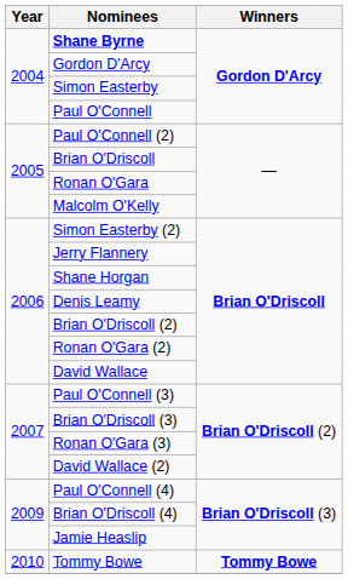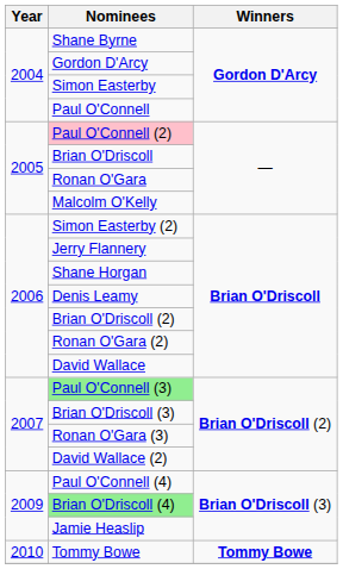 <table class="wikitable">
 <tr>
 <th width=40>Year</th>
 <th width=150>Nominees</th>
 <th width=150>Winners</th>
 </tr>
 <tr>
 <td align=center rowspan=4><a href='#'>2004</a></td>
-<td><strong><a href='#'>Shane Byrne</a></strong></td>
+<td><a href='#'>Shane Byrne</a></td>
 <td align=center rowspan=4><strong><a href='#'>Gordon D'Arcy</a></strong></td>
 </tr>
 <tr>
 <td><a href='#'>Gordon D'Arcy</a></td>
 </tr>
 <tr>
 <td><a href='#'>Simon Easterby</a></td>
 </tr>
 <tr>
 <td><a href='#'>Paul O'Connell</a></td>
 </tr>
 <tr>
 <td align=center rowspan=4><a href='#'>2005</a></td>
-<td><a href='#'>Paul O'Connell</a> (2)</td>
+<td style="background: pink;"><a href='#'>Paul O'Connell</a> (2)</td>
 <td align=center rowspan=4>—</td>
 </tr>
 <tr>
 <td><a href='#'>Brian O'Driscoll</a></td>
 </tr>
 <tr>
 <td><a href='#'>Ronan O'Gara</a></td>
 </tr>
 <tr>
 <td><a href='#'>Malcolm O'Kelly</a></td>
 </tr>
 <tr>
 <td align=center rowspan=7><a href='#'>2006</a></td>
 <td><a href='#'>Simon Easterby</a> (2)</td>
 <td align=center rowspan=7><strong><a href='#'>Brian O'Driscoll</a></strong></td>
 </tr>
 <tr>
 <td><a href='#'>Jerry Flannery</a></td>
 </tr>
 <tr>
 <td><a href='#'>Shane Horgan</a></td>
 </tr>
 <tr>
 <td><a href='#'>Denis Leamy</a></td>
 </tr>
 <tr>
 <td><a href='#'>Brian O'Driscoll</a> (2)</td>
 </tr>
 <tr>
 <td><a href='#'>Ronan O'Gara</a> (2)</td>
 </tr>
 <tr>
 <td><a href='#'>David Wallace</a></td>
 </tr>
 <tr>
 <td align=center rowspan=4><a href='#'>2007</a></td>
-<td><a href='#'>Paul O'Connell</a> (3)</td>
+<td style="background: lightgreen;"><a href='#'>Paul O'Connell</a> (3)</td>
 <td align=center rowspan=4><strong><a href='#'>Brian O'Driscoll</a></strong> (2)</td>
 </tr>
 <tr>
 <td><a href='#'>Brian O'Driscoll</a> (3)</td>
 </tr>
 <tr>
 <td><a href='#'>Ronan O'Gara</a> (3)</td>
 </tr>
 <tr>
 <td><a href='#'>David Wallace</a> (2)</td>
 </tr>
 <tr>
 <td align=center rowspan=3><a href='#'>2009</a></td>
 <td><a href='#'>Paul O'Connell</a> (4)</td>
 <td align=center rowspan=3><strong><a href='#'>Brian O'Driscoll</a></strong> (3)</td>
 </tr>
 <tr>
-<td><a href='#'>Brian O'Driscoll</a> (4)</td>
+<td style="background: lightgreen;"><a href='#'>Brian O'Driscoll</a> (4)</td>
 </tr>
 <tr>
 <td><a href='#'>Jamie Heaslip</a></td>
 </tr>
 <tr>
 <td align=center><a href='#'>2010</a></td>
 <td><a href='#'>Tommy Bowe</a></td>
 <td align=center><strong><a href='#'>Tommy Bowe</a></strong></td>
 </tr>
 <tr>
 </tr>
 </table>
